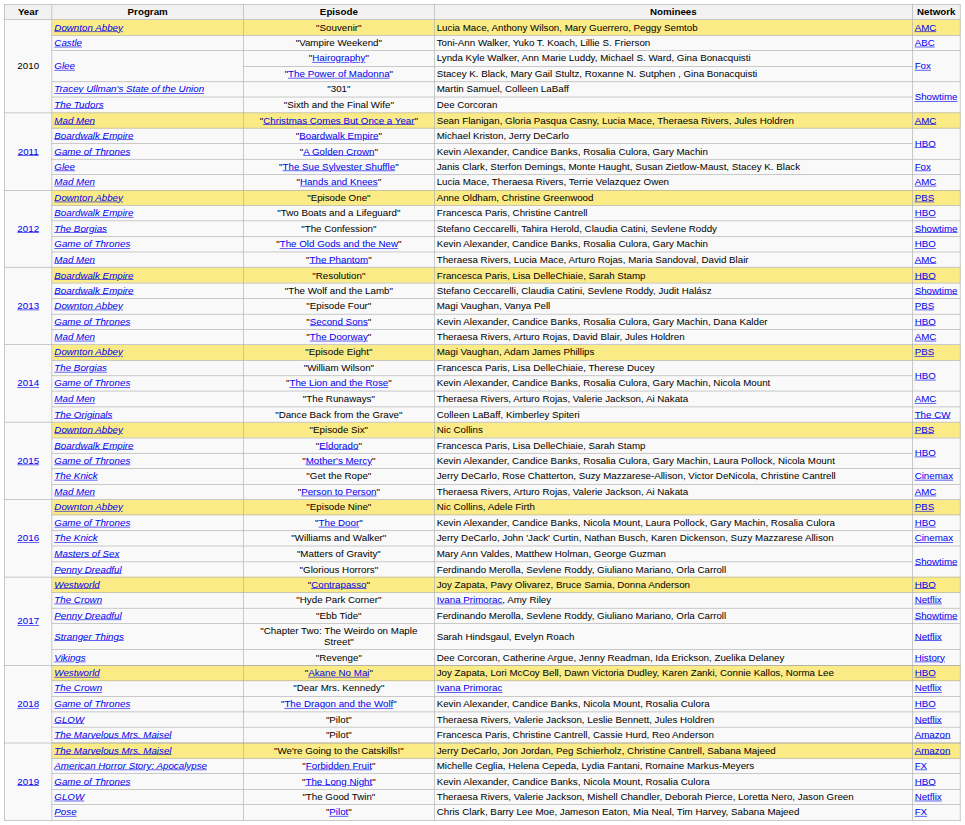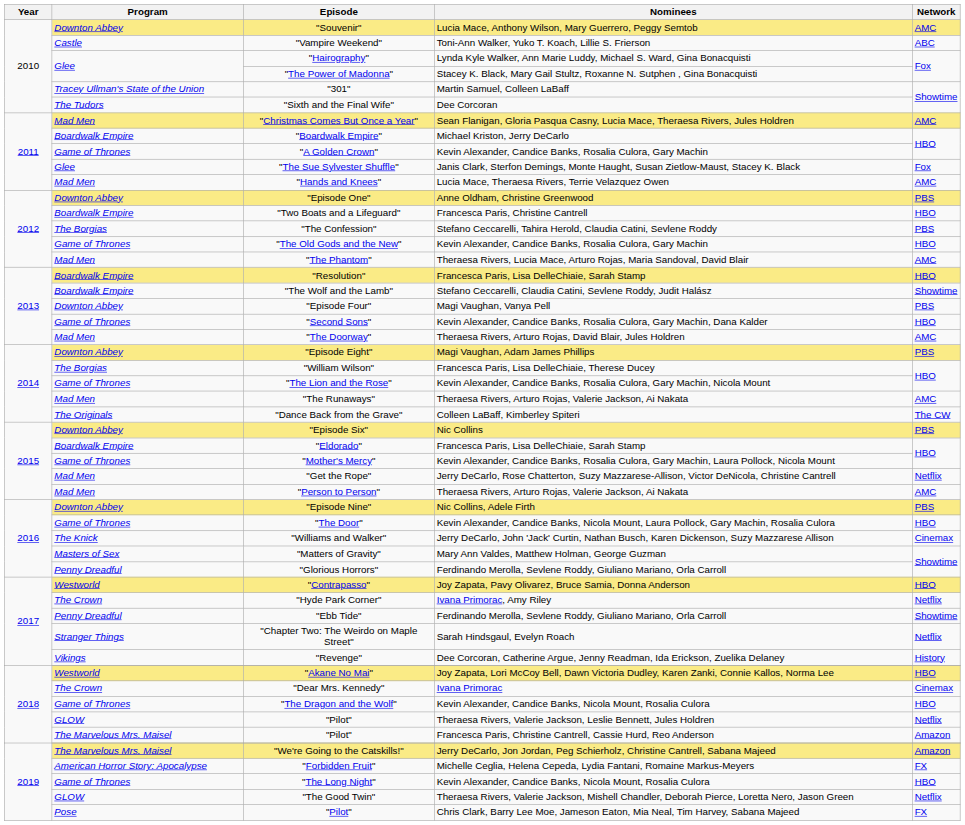 <table class="wikitable">
 <tr>
 <th width="5%">Year</th>
 <th width="20%">Program</th>
 <th width="20%">Episode</th>
 <th width="50%">Nominees</th>
 <th width="5%">Network</th>
 </tr>
 <tr>
 <td rowspan="6" style="text-align:center;">2010<br></td>
 <td style="background:#FAEB86;"><em><a href='#'>Downton Abbey</a></em></td>
 <td style="background:#FAEB86;" align=center>"Souvenir"</td>
 <td style="background:#FAEB86;">Lucia Mace, Anthony Wilson, Mary Guerrero, Peggy Semtob</td>
 <td style="background:#FAEB86;"><a href='#'>AMC</a></td>
 </tr>
 <tr>
 <td><em><a href='#'>Castle</a></em></td>
 <td align=center>"Vampire Weekend"</td>
 <td>Toni-Ann Walker, Yuko T. Koach, Lillie S. Frierson</td>
 <td><a href='#'>ABC</a></td>
 </tr>
 <tr>
 <td rowspan=2><em><a href='#'>Glee</a></em></td>
 <td align=center>"<a href='#'>Hairography</a>"</td>
 <td>Lynda Kyle Walker, Ann Marie Luddy, Michael S. Ward, Gina Bonacquisti</td>
 <td rowspan=2><a href='#'>Fox</a></td>
 </tr>
 <tr>
 <td align=center>"<a href='#'>The Power of Madonna</a>"</td>
 <td>Stacey K. Black, Mary Gail Stultz, Roxanne N. Sutphen , Gina Bonacquisti</td>
 </tr>
 <tr>
 <td><em><a href='#'>Tracey Ullman's State of the Union</a></em></td>
 <td align=center>"301"</td>
 <td>Martin Samuel, Colleen LaBaff</td>
 <td rowspan=2><a href='#'>Showtime</a></td>
 </tr>
 <tr>
 <td><em><a href='#'>The Tudors</a></em></td>
 <td align=center>"Sixth and the Final Wife"</td>
 <td>Dee Corcoran</td>
 </tr>
 <tr>
 <td rowspan="5" style="text-align:center;"><a href='#'>2011</a><br></td>
 <td style="background:#FAEB86;"><em><a href='#'>Mad Men</a></em></td>
 <td style="background:#FAEB86;" align=center>"<a href='#'>Christmas Comes But Once a Year</a>"</td>
 <td style="background:#FAEB86;">Sean Flanigan, Gloria Pasqua Casny, Lucia Mace, Theraesa Rivers, Jules Holdren</td>
 <td style="background:#FAEB86;"><a href='#'>AMC</a></td>
 </tr>
 <tr>
 <td><em><a href='#'>Boardwalk Empire</a></em></td>
 <td align=center>"<a href='#'>Boardwalk Empire</a>"</td>
 <td>Michael Kriston, Jerry DeCarlo</td>
 <td rowspan=2><a href='#'>HBO</a></td>
 </tr>
 <tr>
 <td><em><a href='#'>Game of Thrones</a></em></td>
 <td align=center>"<a href='#'>A Golden Crown</a>"</td>
 <td>Kevin Alexander, Candice Banks, Rosalia Culora, Gary Machin</td>
 </tr>
 <tr>
 <td><em><a href='#'>Glee</a></em></td>
 <td align=center>"<a href='#'>The Sue Sylvester Shuffle</a>"</td>
 <td>Janis Clark, Sterfon Demings, Monte Haught, Susan Zietlow-Maust, Stacey K. Black</td>
 <td><a href='#'>Fox</a></td>
 </tr>
 <tr>
 <td><em><a href='#'>Mad Men</a></em></td>
 <td align=center>"<a href='#'>Hands and Knees</a>"</td>
 <td>Lucia Mace, Theraesa Rivers, Terrie Velazquez Owen</td>
 <td><a href='#'>AMC</a></td>
 </tr>
 <tr>
 <td rowspan="5" style="text-align:center;"><a href='#'>2012</a><br></td>
 <td style="background:#FAEB86;"><em><a href='#'>Downton Abbey</a></em></td>
 <td style="background:#FAEB86;" align=center>"Episode One"</td>
 <td style="background:#FAEB86;">Anne Oldham, Christine Greenwood</td>
 <td style="background:#FAEB86;"><a href='#'>PBS</a></td>
 </tr>
 <tr>
 <td><em><a href='#'>Boardwalk Empire</a></em></td>
 <td align=center>"Two Boats and a Lifeguard"</td>
 <td>Francesca Paris, Christine Cantrell</td>
 <td><a href='#'>HBO</a></td>
 </tr>
 <tr>
 <td><em><a href='#'>The Borgias</a></em></td>
 <td align=center>"The Confession"</td>
 <td>Stefano Ceccarelli, Tahira Herold, Claudia Catini, Sevlene Roddy</td>
-<td><a href='#'>Showtime</a></td>
+<td><a href='#'>PBS</a></td>
 </tr>
 <tr>
 <td><em><a href='#'>Game of Thrones</a></em></td>
 <td align=center>"<a href='#'>The Old Gods and the New</a>"</td>
 <td>Kevin Alexander, Candice Banks, Rosalia Culora, Gary Machin</td>
 <td><a href='#'>HBO</a></td>
 </tr>
 <tr>
 <td><em><a href='#'>Mad Men</a></em></td>
 <td align=center>"<a href='#'>The Phantom</a>"</td>
 <td>Theraesa Rivers, Lucia Mace, Arturo Rojas, Maria Sandoval, David Blair</td>
 <td><a href='#'>AMC</a></td>
 </tr>
 <tr>
 <td rowspan="5" style="text-align:center;"><a href='#'>2013</a><br></td>
 <td style="background:#FAEB86;"><em><a href='#'>Boardwalk Empire</a></em></td>
 <td style="background:#FAEB86;" align=center>"Resolution"</td>
 <td style="background:#FAEB86;">Francesca Paris, Lisa DelleChiaie, Sarah Stamp</td>
 <td style="background:#FAEB86;"><a href='#'>HBO</a></td>
 </tr>
 <tr>
 <td><em><a href='#'>Boardwalk Empire</a></em></td>
 <td align=center>"The Wolf and the Lamb"</td>
 <td>Stefano Ceccarelli, Claudia Catini, Sevlene Roddy, Judit Halász</td>
 <td><a href='#'>Showtime</a></td>
 </tr>
 <tr>
 <td><em><a href='#'>Downton Abbey</a></em></td>
 <td align=center>"Episode Four"</td>
 <td>Magi Vaughan, Vanya Pell</td>
 <td><a href='#'>PBS</a></td>
 </tr>
 <tr>
 <td><em><a href='#'>Game of Thrones</a></em></td>
 <td align=center>"<a href='#'>Second Sons</a>"</td>
 <td>Kevin Alexander, Candice Banks, Rosalia Culora, Gary Machin, Dana Kalder</td>
 <td><a href='#'>HBO</a></td>
 </tr>
 <tr>
 <td><em><a href='#'>Mad Men</a></em></td>
 <td align=center>"<a href='#'>The Doorway</a>"</td>
 <td>Theraesa Rivers, Arturo Rojas, David Blair, Jules Holdren</td>
 <td><a href='#'>AMC</a></td>
 </tr>
 <tr>
 <td rowspan="5" style="text-align:center;"><a href='#'>2014</a><br></td>
 <td style="background:#FAEB86;"><em><a href='#'>Downton Abbey</a></em></td>
 <td style="background:#FAEB86;" align=center>"Episode Eight"</td>
 <td style="background:#FAEB86;">Magi Vaughan, Adam James Phillips</td>
 <td style="background:#FAEB86;"><a href='#'>PBS</a></td>
 </tr>
 <tr>
 <td><em><a href='#'>The Borgias</a></em></td>
 <td align=center>"William Wilson"</td>
 <td>Francesca Paris, Lisa DelleChiaie, Therese Ducey</td>
 <td rowspan=2><a href='#'>HBO</a></td>
 </tr>
 <tr>
 <td><em><a href='#'>Game of Thrones</a></em></td>
 <td align=center>"<a href='#'>The Lion and the Rose</a>"</td>
 <td>Kevin Alexander, Candice Banks, Rosalia Culora, Gary Machin, Nicola Mount</td>
 </tr>
 <tr>
 <td><em><a href='#'>Mad Men</a></em></td>
 <td align=center>"The Runaways"</td>
 <td>Theraesa Rivers, Arturo Rojas, Valerie Jackson, Ai Nakata</td>
 <td><a href='#'>AMC</a></td>
 </tr>
 <tr>
 <td><em><a href='#'>The Originals</a></em></td>
 <td align=center>"Dance Back from the Grave"</td>
 <td>Colleen LaBaff, Kimberley Spiteri</td>
 <td><a href='#'>The CW</a></td>
 </tr>
 <tr>
 <td rowspan="5" style="text-align:center;"><a href='#'>2015</a><br></td>
 <td style="background:#FAEB86;"><em><a href='#'>Downton Abbey</a></em></td>
 <td style="background:#FAEB86;" align=center>"Episode Six"</td>
 <td style="background:#FAEB86;">Nic Collins</td>
 <td style="background:#FAEB86;"><a href='#'>PBS</a></td>
 </tr>
 <tr>
 <td><em><a href='#'>Boardwalk Empire</a></em></td>
 <td align=center>"<a href='#'>Eldorado</a>"</td>
 <td>Francesca Paris, Lisa DelleChiaie, Sarah Stamp</td>
 <td rowspan=2><a href='#'>HBO</a></td>
 </tr>
 <tr>
 <td><em><a href='#'>Game of Thrones</a></em></td>
 <td align=center>"<a href='#'>Mother's Mercy</a>"</td>
 <td>Kevin Alexander, Candice Banks, Rosalia Culora, Gary Machin, Laura Pollock, Nicola Mount</td>
 </tr>
 <tr>
-<td><em><a href='#'>The Knick</a></em></td>
+<td><em><a href='#'>Mad Men</a></em></td>
 <td align=center>"Get the Rope"</td>
 <td>Jerry DeCarlo, Rose Chatterton, Suzy Mazzarese-Allison, Victor DeNicola, Christine Cantrell</td>
-<td><a href='#'>Cinemax</a></td>
+<td><a href='#'>Netflix</a></td>
 </tr>
 <tr>
 <td><em><a href='#'>Mad Men</a></em></td>
 <td align=center>"<a href='#'>Person to Person</a>"</td>
 <td>Theraesa Rivers, Arturo Rojas, Valerie Jackson, Ai Nakata</td>
 <td><a href='#'>AMC</a></td>
 </tr>
 <tr>
 <td rowspan="5" style="text-align:center;"><a href='#'>2016</a><br></td>
 <td style="background:#FAEB86;"><em><a href='#'>Downton Abbey</a></em></td>
 <td style="background:#FAEB86;" align=center>"Episode Nine"</td>
 <td style="background:#FAEB86;">Nic Collins, Adele Firth</td>
 <td style="background:#FAEB86;"><a href='#'>PBS</a></td>
 </tr>
 <tr>
 <td><em><a href='#'>Game of Thrones</a></em></td>
 <td align=center>"<a href='#'>The Door</a>"</td>
 <td>Kevin Alexander, Candice Banks, Nicola Mount, Laura Pollock, Gary Machin, Rosalia Culora</td>
 <td><a href='#'>HBO</a></td>
 </tr>
 <tr>
 <td><em><a href='#'>The Knick</a></em></td>
 <td align=center>"Williams and Walker"</td>
 <td>Jerry DeCarlo, John 'Jack' Curtin, Nathan Busch, Karen Dickenson, Suzy Mazzarese Allison</td>
 <td><a href='#'>Cinemax</a></td>
 </tr>
 <tr>
 <td><em><a href='#'>Masters of Sex</a></em></td>
 <td align=center>"Matters of Gravity"</td>
 <td>Mary Ann Valdes, Matthew Holman, George Guzman</td>
 <td rowspan=2><a href='#'>Showtime</a></td>
 </tr>
 <tr>
 <td><em><a href='#'>Penny Dreadful</a></em></td>
 <td align=center>"Glorious Horrors"</td>
 <td>Ferdinando Merolla, Sevlene Roddy, Giuliano Mariano, Orla Carroll</td>
 </tr>
 <tr>
 <td rowspan="5" style="text-align:center;"><a href='#'>2017</a><br></td>
 <td style="background:#FAEB86;"><em><a href='#'>Westworld</a></em></td>
 <td style="background:#FAEB86;" align=center>"<a href='#'>Contrapasso</a>"</td>
 <td style="background:#FAEB86;">Joy Zapata, Pavy Olivarez, Bruce Samia, Donna Anderson</td>
 <td style="background:#FAEB86;"><a href='#'>HBO</a></td>
 </tr>
 <tr>
 <td><em><a href='#'>The Crown</a></em></td>
 <td align=center>"Hyde Park Corner"</td>
 <td><a href='#'>Ivana Primorac</a>, Amy Riley</td>
 <td><a href='#'>Netflix</a></td>
 </tr>
 <tr>
 <td><em><a href='#'>Penny Dreadful</a> </em></td>
 <td align=center>"Ebb Tide"</td>
 <td>Ferdinando Merolla, Sevlene Roddy, Giuliano Mariano, Orla Carroll</td>
 <td><a href='#'>Showtime</a></td>
 </tr>
 <tr>
 <td><em><a href='#'>Stranger Things</a></em></td>
 <td align=center>"Chapter Two: The Weirdo on Maple Street"</td>
 <td>Sarah Hindsgaul, Evelyn Roach</td>
 <td><a href='#'>Netflix</a></td>
 </tr>
 <tr>
 <td><em><a href='#'>Vikings</a></em></td>
 <td align=center>"Revenge"</td>
 <td>Dee Corcoran, Catherine Argue, Jenny Readman, Ida Erickson, Zuelika Delaney</td>
 <td><a href='#'>History</a></td>
 </tr>
 <tr>
 <td rowspan="6" style="text-align:center;"><a href='#'>2018</a><br></td>
 </tr>
 <tr style="background:#FAEB86;">
 <td><em><a href='#'>Westworld</a></em></td>
 <td align=center>"<a href='#'>Akane No Mai</a>"</td>
 <td>Joy Zapata, Lori McCoy Bell, Dawn Victoria Dudley, Karen Zanki, Connie Kallos, Norma Lee</td>
 <td><a href='#'>HBO</a></td>
 </tr>
 <tr>
 <td><em><a href='#'>The Crown</a></em></td>
 <td align=center>"Dear Mrs. Kennedy"</td>
 <td><a href='#'>Ivana Primorac</a></td>
-<td><a href='#'>Netflix</a></td>
+<td><a href='#'>Cinemax</a></td>
 </tr>
 <tr>
 <td><em><a href='#'>Game of Thrones</a></em></td>
 <td align=center>"<a href='#'>The Dragon and the Wolf</a>"</td>
 <td>Kevin Alexander, Candice Banks, Nicola Mount, Rosalia Culora</td>
 <td><a href='#'>HBO</a></td>
 </tr>
 <tr>
 <td><em><a href='#'>GLOW</a></em></td>
 <td align=center>"Pilot"</td>
 <td>Theraesa Rivers, Valerie Jackson, Leslie Bennett, Jules Holdren</td>
 <td><a href='#'>Netflix</a></td>
 </tr>
 <tr>
 <td><em><a href='#'>The Marvelous Mrs. Maisel</a></em></td>
 <td align=center>"Pilot"</td>
 <td>Francesca Paris, Christine Cantrell, Cassie Hurd, Reo Anderson</td>
 <td><a href='#'>Amazon</a></td>
 </tr>
 <tr>
 <td rowspan="6" style="text-align:center;"><a href='#'>2019</a><br></td>
 </tr>
 <tr style="background:#FAEB86;">
 <td><em><a href='#'>The Marvelous Mrs. Maisel</a></em></td>
 <td align=center>"We're Going to the Catskills!"</td>
 <td>Jerry DeCarlo, Jon Jordan, Peg Schierholz, Christine Cantrell, Sabana Majeed</td>
 <td><a href='#'>Amazon</a></td>
 </tr>
 <tr>
 <td><em><a href='#'>American Horror Story: Apocalypse</a></em></td>
 <td align=center>"<a href='#'>Forbidden Fruit</a>"</td>
 <td>Michelle Ceglia, Helena Cepeda, Lydia Fantani, Romaine Markus-Meyers</td>
 <td><a href='#'>FX</a></td>
 </tr>
 <tr>
 <td><em><a href='#'>Game of Thrones</a></em></td>
 <td align=center>"<a href='#'>The Long Night</a>"</td>
 <td>Kevin Alexander, Candice Banks, Nicola Mount, Rosalia Culora</td>
 <td><a href='#'>HBO</a></td>
 </tr>
 <tr>
 <td><em><a href='#'>GLOW</a></em></td>
 <td align=center>"The Good Twin"</td>
 <td>Theraesa Rivers, Valerie Jackson, Mishell Chandler, Deborah Pierce, Loretta Nero, Jason Green</td>
 <td><a href='#'>Netflix</a></td>
 </tr>
 <tr>
 <td><em><a href='#'>Pose</a></em></td>
 <td align=center>"<a href='#'>Pilot</a>"</td>
 <td>Chris Clark, Barry Lee Moe, Jameson Eaton, Mia Neal, Tim Harvey, Sabana Majeed</td>
 <td><a href='#'>FX</a></td>
 </tr>
 </table>
